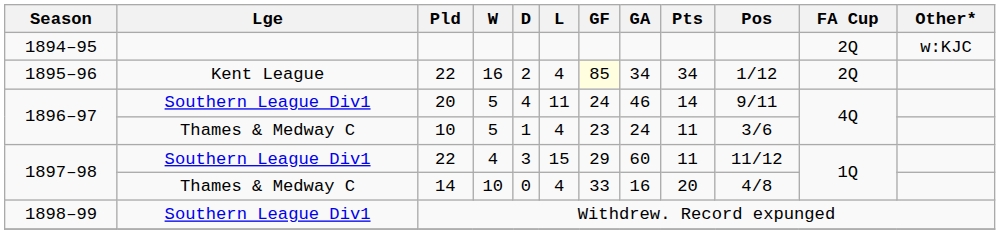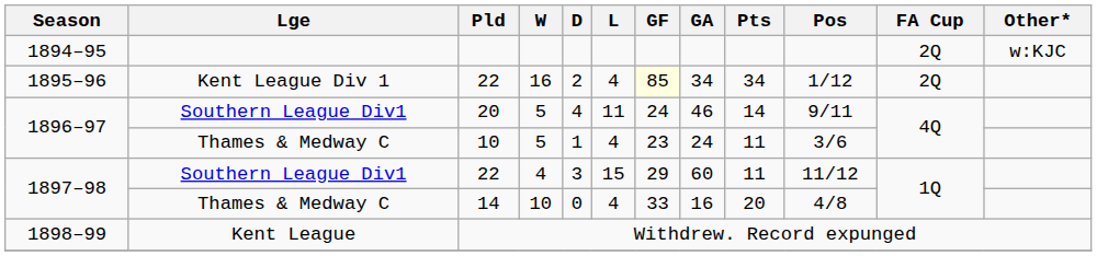 <table class="wikitable" style="width:85%; align:center; text-align:center">
 <tr>
 <th>Season</th>
 <th>Lge</th>
 <th>Pld</th>
 <th>W</th>
 <th>D</th>
 <th>L</th>
 <th>GF</th>
 <th>GA</th>
 <th>Pts</th>
 <th>Pos</th>
 <th>FA Cup</th>
 <th>Other*</th>
 </tr>
 <tr>
 <td>1894–95</td>
 <td></td>
 <td></td>
 <td></td>
 <td></td>
 <td></td>
 <td></td>
 <td></td>
 <td></td>
 <td></td>
 <td>2Q</td>
 <td>w:KJC</td>
 </tr>
 <tr>
 <td>1895–96</td>
-<td>Kent League</td>
+<td>Kent League Div 1</td>
 <td>22</td>
 <td>16</td>
 <td>2</td>
 <td>4</td>
 <td style="background: lightyellow;">85</td>
 <td>34</td>
 <td>34</td>
 <td>1/12</td>
 <td>2Q</td>
 <td></td>
 </tr>
 <tr>
 <td Rowspan="2">1896–97</td>
 <td><a href='#'>Southern League Div1</a></td>
 <td>20</td>
 <td>5</td>
 <td>4</td>
 <td>11</td>
 <td>24</td>
 <td>46</td>
 <td>14</td>
 <td>9/11</td>
 <td Rowspan="2">4Q</td>
 <td></td>
 </tr>
 <tr>
 <td>Thames & Medway C</td>
 <td>10</td>
 <td>5</td>
 <td>1</td>
 <td>4</td>
 <td>23</td>
 <td>24</td>
 <td>11</td>
 <td>3/6</td>
 <td></td>
 </tr>
 <tr>
 <td Rowspan="2">1897–98</td>
 <td><a href='#'>Southern League Div1</a></td>
 <td>22</td>
 <td>4</td>
 <td>3</td>
 <td>15</td>
 <td>29</td>
 <td>60</td>
 <td>11</td>
 <td>11/12</td>
 <td Rowspan="2">1Q</td>
 <td></td>
 </tr>
 <tr>
 <td>Thames & Medway C</td>
 <td>14</td>
 <td>10</td>
 <td>0</td>
 <td>4</td>
 <td>33</td>
 <td>16</td>
 <td>20</td>
 <td>4/8</td>
 <td></td>
 </tr>
 <tr>
 <td>1898–99</td>
-<td><a href='#'>Southern League Div1</a></td>
+<td>Kent League</td>
 <td colspan="10">Withdrew. Record expunged</td>
 </tr>
 <tr>
 </tr>
 </table>
